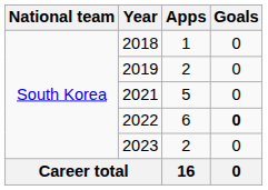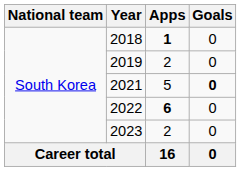 <table class="wikitable" style="text-align:center">
 <tr>
 <th>National team</th>
 <th>Year</th>
 <th>Apps</th>
 <th>Goals</th>
 </tr>
 <tr>
 <td rowspan="5"><a href='#'>South Korea</a></td>
 <td>2018</td>
-<td>1</td>
+<td><strong>1</strong></td>
 <td>0</td>
 </tr>
 <tr>
 <td>2019</td>
 <td>2</td>
 <td>0</td>
 </tr>
 <tr>
 <td>2021</td>
 <td>5</td>
-<td>0</td>
+<td><strong>0</strong></td>
 </tr>
 <tr>
 <td>2022</td>
-<td>6</td>
-<td><strong>0</strong></td>
+<td><strong>6</strong></td>
+<td>0</td>
 </tr>
 <tr>
 <td>2023</td>
 <td>2</td>
 <td>0</td>
 </tr>
 <tr>
 <th colspan="2">Career total</th>
 <th>16</th>
 <th>0</th>
 </tr>
 </table>
